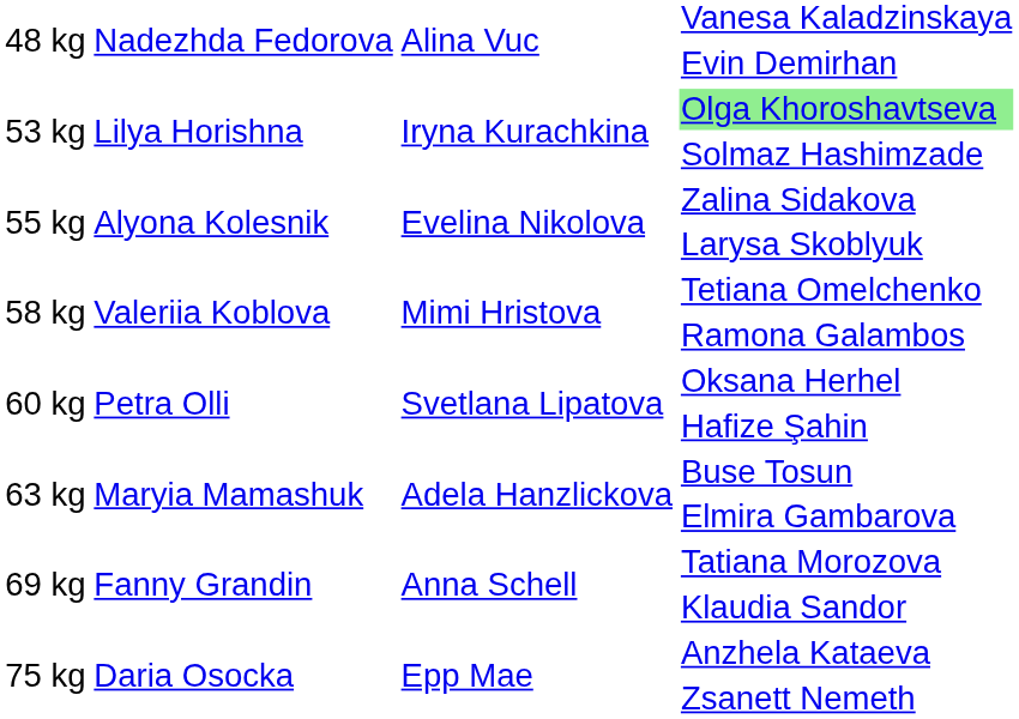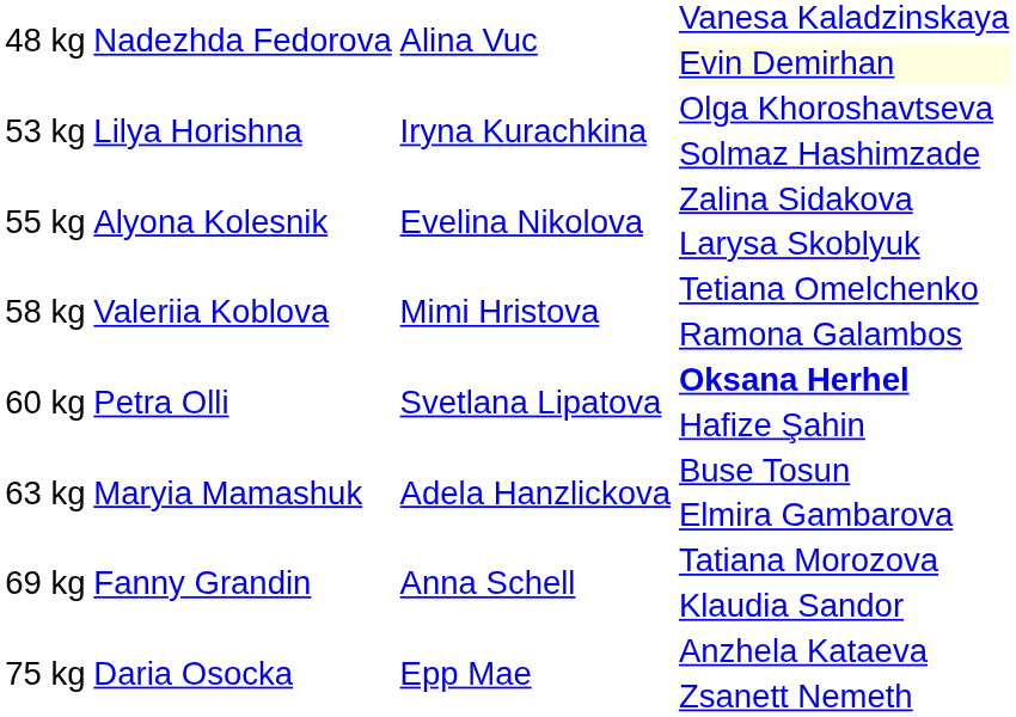 <table>
 <tr>
 <td rowspan=2>48 kg</td>
 <td rowspan=2> <a href='#'>Nadezhda Fedorova</a></td>
 <td rowspan=2> <a href='#'>Alina Vuc</a></td>
 <td> <a href='#'>Vanesa Kaladzinskaya</a></td>
 </tr>
 <tr>
-<td> <a href='#'>Evin Demirhan</a></td>
+<td style="background: lightyellow;"> <a href='#'>Evin Demirhan</a></td>
 </tr>
 <tr>
 <td rowspan=2>53 kg</td>
 <td rowspan=2> <a href='#'>Lilya Horishna</a></td>
 <td rowspan=2> <a href='#'>Iryna Kurachkina</a></td>
-<td style="background: lightgreen;"> <a href='#'>Olga Khoroshavtseva</a></td>
+<td> <a href='#'>Olga Khoroshavtseva</a></td>
 </tr>
 <tr>
 <td> <a href='#'>Solmaz Hashimzade</a></td>
 </tr>
 <tr>
 <td rowspan=2>55 kg</td>
 <td rowspan=2> <a href='#'>Alyona Kolesnik</a></td>
 <td rowspan=2> <a href='#'>Evelina Nikolova</a></td>
 <td> <a href='#'>Zalina Sidakova</a></td>
 </tr>
 <tr>
 <td> <a href='#'>Larysa Skoblyuk</a></td>
 </tr>
 <tr>
 <td rowspan=2>58 kg</td>
 <td rowspan=2> <a href='#'>Valeriia Koblova</a></td>
 <td rowspan=2> <a href='#'>Mimi Hristova</a></td>
 <td> <a href='#'>Tetiana Omelchenko</a></td>
 </tr>
 <tr>
 <td> <a href='#'>Ramona Galambos</a></td>
 </tr>
 <tr>
 <td rowspan=2>60 kg</td>
 <td rowspan=2> <a href='#'>Petra Olli</a></td>
 <td rowspan=2> <a href='#'>Svetlana Lipatova</a></td>
-<td> <a href='#'>Oksana Herhel</a></td>
+<td><strong> <a href='#'>Oksana Herhel</a></strong></td>
 </tr>
 <tr>
 <td> <a href='#'>Hafize Şahin</a></td>
 </tr>
 <tr>
 <td rowspan=2>63 kg</td>
 <td rowspan=2> <a href='#'>Maryia Mamashuk</a></td>
 <td rowspan=2> <a href='#'>Adela Hanzlickova</a></td>
 <td> <a href='#'>Buse Tosun</a></td>
 </tr>
 <tr>
 <td> <a href='#'>Elmira Gambarova</a></td>
 </tr>
 <tr>
 <td rowspan=2>69 kg</td>
 <td rowspan=2> <a href='#'>Fanny Grandin</a></td>
 <td rowspan=2> <a href='#'>Anna Schell</a></td>
 <td> <a href='#'>Tatiana Morozova</a></td>
 </tr>
 <tr>
 <td> <a href='#'>Klaudia Sandor</a></td>
 </tr>
 <tr>
 <td rowspan=2>75 kg</td>
 <td rowspan=2> <a href='#'>Daria Osocka</a></td>
 <td rowspan=2> <a href='#'>Epp Mae</a></td>
 <td> <a href='#'>Anzhela Kataeva</a></td>
 </tr>
 <tr>
 <td> <a href='#'>Zsanett Nemeth</a></td>
 </tr>
 </table>
